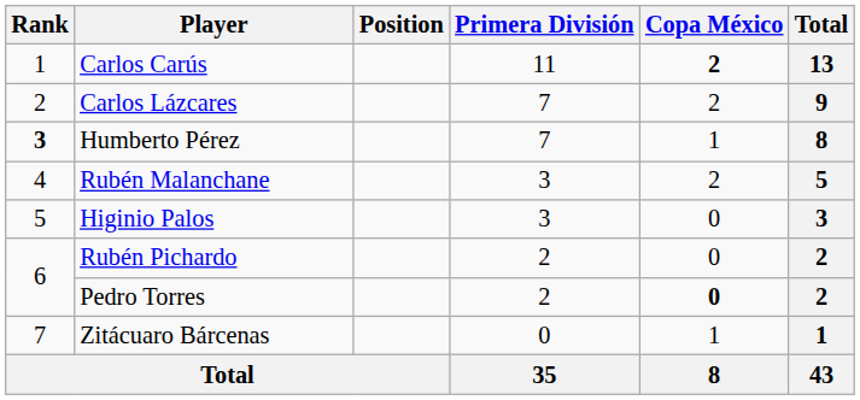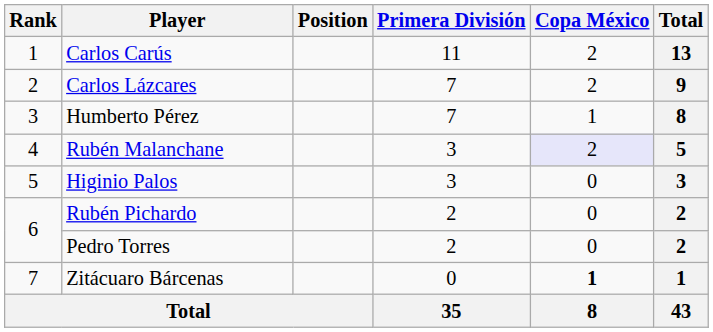 <table class="wikitable">
 <tr>
 <th>Rank</th>
 <th style="width:175px;">Player</th>
 <th>Position</th>
 <th><a href='#'>Primera División</a></th>
 <th><a href='#'>Copa México</a></th>
 <th>Total</th>
 </tr>
 <tr>
 <td align=center>1</td>
 <td> <a href='#'>Carlos Carús</a></td>
 <td align=center></td>
 <td align=center>11</td>
-<td align=center><strong>2</strong></td>
+<td align=center>2</td>
 <th>13</th>
 </tr>
 <tr>
 <td align=center>2</td>
 <td> <a href='#'>Carlos Lázcares</a></td>
 <td align=center></td>
 <td align=center>7</td>
 <td align=center>2</td>
 <th>9</th>
 </tr>
 <tr>
-<td align=center><strong>3</strong></td>
+<td align=center>3</td>
 <td> Humberto Pérez</td>
 <td align=center></td>
 <td align=center>7</td>
 <td align=center>1</td>
 <th>8</th>
 </tr>
 <tr>
 <td align=center>4</td>
 <td> <a href='#'>Rubén Malanchane</a></td>
 <td align=center></td>
 <td align=center>3</td>
-<td align=center>2</td>
+<td align=center style="background: lavender;">2</td>
 <th>5</th>
 </tr>
 <tr>
 <td align=center>5</td>
 <td> <a href='#'>Higinio Palos</a></td>
 <td align=center></td>
 <td align=center>3</td>
 <td align=center>0</td>
 <th>3</th>
 </tr>
 <tr>
 <td align=center rowspan=2>6</td>
 <td> <a href='#'>Rubén Pichardo</a></td>
 <td align=center></td>
 <td align=center>2</td>
 <td align=center>0</td>
 <th>2</th>
 </tr>
 <tr>
 <td> Pedro Torres</td>
 <td align=center></td>
 <td align=center>2</td>
-<td align=center><strong>0</strong></td>
+<td align=center>0</td>
 <th>2</th>
 </tr>
 <tr>
 <td align=center>7</td>
 <td> Zitácuaro Bárcenas</td>
 <td align=center></td>
 <td align=center>0</td>
-<td align=center>1</td>
+<td align=center><strong>1</strong></td>
 <th>1</th>
 </tr>
 <tr>
 <th colspan=3>Total</th>
 <th>35</th>
 <th>8</th>
 <th>43</th>
 </tr>
 </table>
